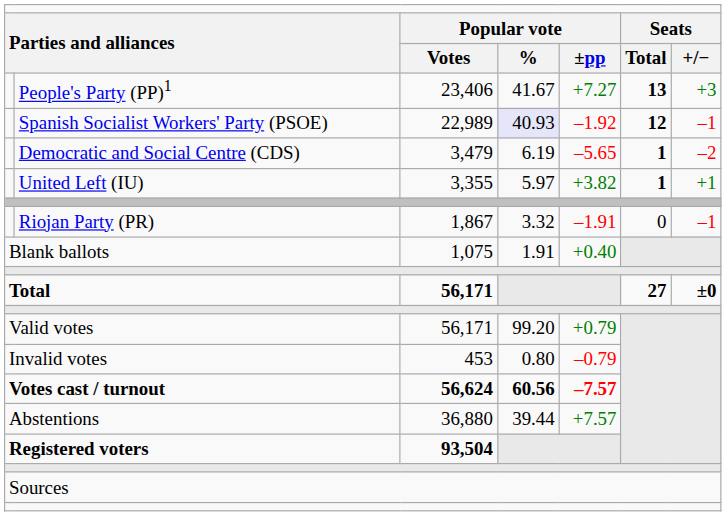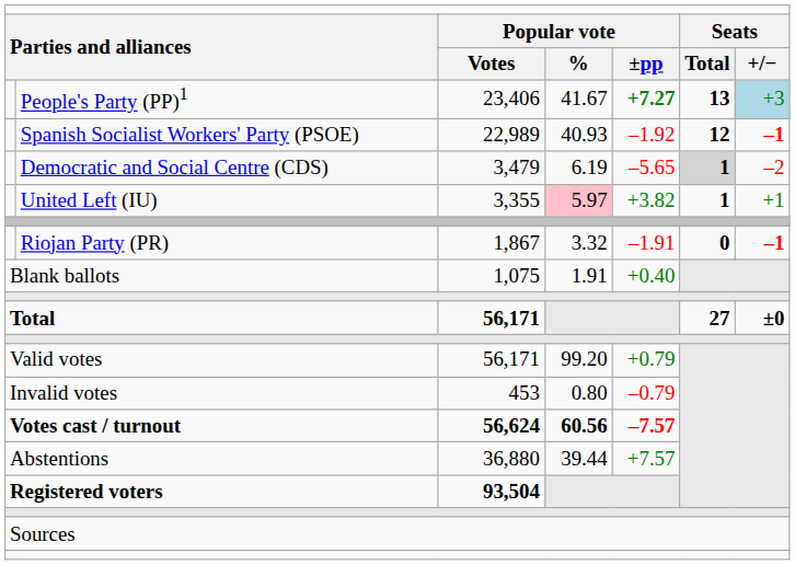 <table class="wikitable" style="text-align:right;">
 <tr>
 <td colspan="7"></td>
 </tr>
 <tr>
 <th style="text-align:left;" rowspan="2" colspan="2" width="525">Parties and alliances</th>
 <th colspan="3">Popular vote</th>
 <th colspan="2">Seats</th>
 </tr>
 <tr>
 <th width="75">Votes</th>
 <th width="45">%</th>
 <th width="45">±<a href='#'>pp</a></th>
 <th width="35">Total</th>
 <th width="35">+/−</th>
 </tr>
 <tr>
 <td width="1" style="color:inherit;background:"></td>
 <td align="left"><a href='#'>People's Party</a> (PP)<sup>1</sup></td>
 <td>23,406</td>
 <td>41.67</td>
-<td style="color:green;">+7.27</td>
+<td style="color:green;"><strong>+7.27</strong></td>
 <td><strong>13</strong></td>
-<td style="color:green;">+3</td>
+<td style="background: lightblue; color:green;">+3</td>
 </tr>
 <tr>
 <td style="color:inherit;background:"></td>
 <td align="left"><a href='#'>Spanish Socialist Workers' Party</a> (PSOE)</td>
 <td>22,989</td>
-<td style="background: lavender;">40.93</td>
+<td>40.93</td>
 <td style="color:red;">–1.92</td>
 <td><strong>12</strong></td>
-<td style="color:red;">–1</td>
+<td style="color:red;"><strong>–1</strong></td>
 </tr>
 <tr>
 <td style="color:inherit;background:"></td>
 <td align="left"><a href='#'>Democratic and Social Centre</a> (CDS)</td>
 <td>3,479</td>
 <td>6.19</td>
 <td style="color:red;">–5.65</td>
-<td><strong>1</strong></td>
+<td style="background: lightgrey;"><strong>1</strong></td>
 <td style="color:red;">–2</td>
 </tr>
 <tr>
 <td style="color:inherit;background:"></td>
 <td align="left"><a href='#'>United Left</a> (IU)</td>
 <td>3,355</td>
-<td>5.97</td>
+<td style="background: pink;">5.97</td>
 <td style="color:green;">+3.82</td>
 <td><strong>1</strong></td>
 <td style="color:green;">+1</td>
 </tr>
 <tr>
 <td colspan="7" bgcolor="#C0C0C0"></td>
 </tr>
 <tr>
 <td style="color:inherit;background:"></td>
 <td align="left"><a href='#'>Riojan Party</a> (PR)</td>
 <td>1,867</td>
 <td>3.32</td>
 <td style="color:red;">–1.91</td>
-<td>0</td>
-<td style="color:red;">–1</td>
+<td><strong>0</strong></td>
+<td style="color:red;"><strong>–1</strong></td>
 </tr>
 <tr>
 <td align="left" colspan="2">Blank ballots</td>
 <td>1,075</td>
 <td>1.91</td>
 <td style="color:green;">+0.40</td>
 <td bgcolor="#E9E9E9" colspan="2"></td>
 </tr>
 <tr>
 <td colspan="7" bgcolor="#E9E9E9"></td>
 </tr>
 <tr style="font-weight:bold;">
 <td align="left" colspan="2">Total</td>
 <td>56,171</td>
 <td bgcolor="#E9E9E9" colspan="2"></td>
 <td>27</td>
 <td>±0</td>
 </tr>
 <tr>
 <td colspan="7" bgcolor="#E9E9E9"></td>
 </tr>
 <tr>
 <td align="left" colspan="2">Valid votes</td>
 <td>56,171</td>
 <td>99.20</td>
 <td style="color:green;">+0.79</td>
 <td bgcolor="#E9E9E9" colspan="2" rowspan="5"></td>
 </tr>
 <tr>
 <td align="left" colspan="2">Invalid votes</td>
 <td>453</td>
 <td>0.80</td>
 <td style="color:red;">–0.79</td>
 </tr>
 <tr style="font-weight:bold;">
 <td align="left" colspan="2">Votes cast / turnout</td>
 <td>56,624</td>
 <td>60.56</td>
 <td style="color:red;">–7.57</td>
 </tr>
 <tr>
 <td align="left" colspan="2">Abstentions</td>
 <td>36,880</td>
 <td>39.44</td>
 <td style="color:green;">+7.57</td>
 </tr>
 <tr style="font-weight:bold;">
 <td align="left" colspan="2">Registered voters</td>
 <td>93,504</td>
 <td bgcolor="#E9E9E9" colspan="2"></td>
 </tr>
 <tr>
 <td colspan="7" bgcolor="#E9E9E9"></td>
 </tr>
 <tr>
 <td align="left" colspan="7">Sources</td>
 </tr>
 <tr>
 <td colspan="7" style="text-align:left; max-width:790px;"></td>
 </tr>
 </table>
